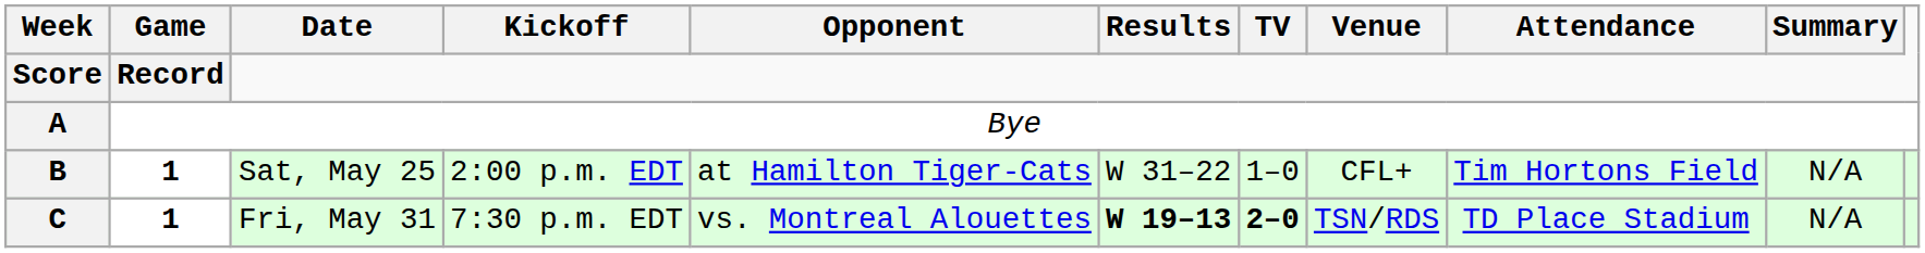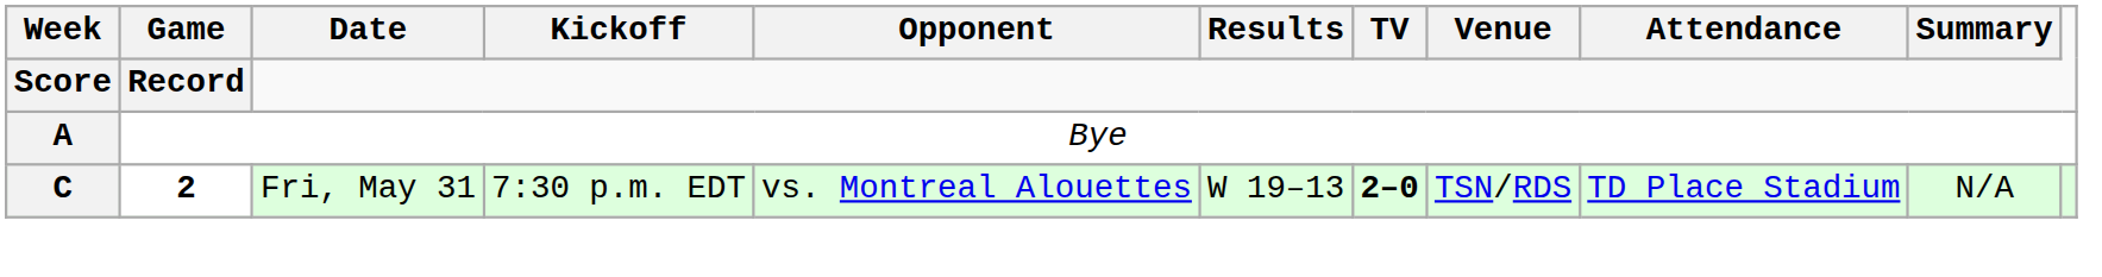 <table class="wikitable" style="font-size: 95%;">
 <tr>
 <th scope="col">Week</th>
 <th scope="col">Game</th>
 <th scope="col">Date</th>
 <th scope="col">Kickoff</th>
 <th scope="col">Opponent</th>
 <th scope="col">Results</th>
 <th scope="col">TV</th>
 <th scope="col">Venue</th>
 <th scope="col">Attendance</th>
 <th scope="col">Summary</th>
 </tr>
 <tr>
 <th scope="col">Score</th>
 <th scope="col">Record</th>
 </tr>
 <tr align="center" bgcolor="#ffffff">
 <th align="center"><strong>A</strong></th>
 <td colspan=10 align="center" valign="middle"><em>Bye</em></td>
 </tr>
 <tr align="center" bgcolor="#ddffdd">
-<th align="center"><strong>B</strong></th>
-<th style="text-align:center; background:white;"><span>1</span></th>
-<td align="center">Sat, May 25</td>
-<td align="center">2:00 p.m. <a href='#'>EDT</a></td>
-<td align="center">at <a href='#'>Hamilton Tiger-Cats</a></td>
-<td align="center">W 31–22</td>
-<td align="center">1–0</td>
-<td align="center">CFL+</td>
-<td align="center"><a href='#'>Tim Hortons Field</a></td>
-<td align="center">N/A</td>
-<td align="center"></td>
-</tr>
-<tr align="center" bgcolor="#ddffdd">
 <th align="center"><strong>C</strong></th>
-<th style="text-align:center; background:white;"><span>1</span></th>
+<th style="text-align:center; background:white;"><span>2</span></th>
 <td align="center">Fri, May 31</td>
 <td align="center">7:30 p.m. EDT</td>
 <td align="center">vs. <a href='#'>Montreal Alouettes</a></td>
-<td align="center"><strong>W 19–13</strong></td>
+<td align="center">W 19–13</td>
 <td align="center"><strong>2–0</strong></td>
 <td align="center"><a href='#'>TSN</a>/<a href='#'>RDS</a></td>
 <td align="center"><a href='#'>TD Place Stadium</a></td>
 <td align="center">N/A</td>
 <td align="center"></td>
 </tr>
 </table>
